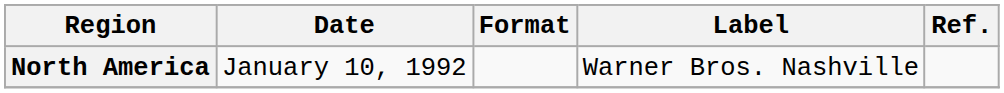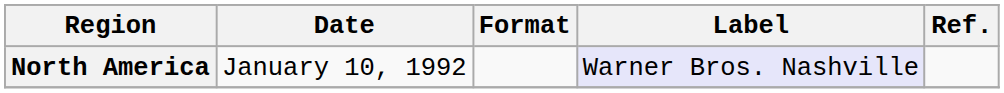 <table class="wikitable plainrowheaders">
 <tr>
 <th scope="col">Region</th>
 <th scope="col">Date</th>
 <th scope="col">Format</th>
 <th scope="col">Label</th>
 <th scope="col">Ref.</th>
 </tr>
 <tr>
 <th scope="row">North America</th>
 <td>January 10, 1992</td>
 <td></td>
-<td>Warner Bros. Nashville</td>
+<td style="background: lavender;">Warner Bros. Nashville</td>
 <td></td>
 </tr>
 <tr>
 </tr>
 </table>
